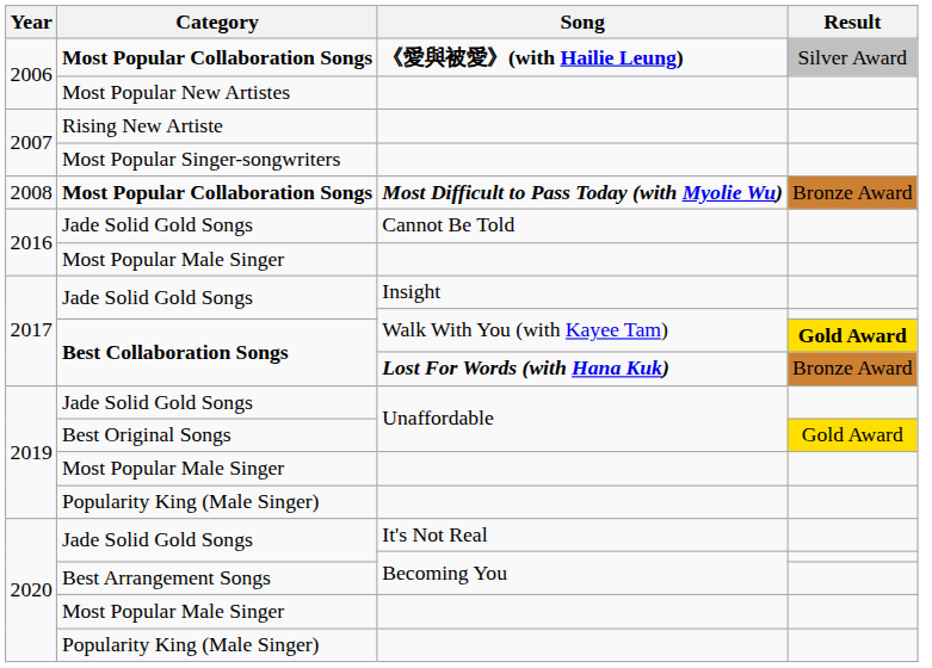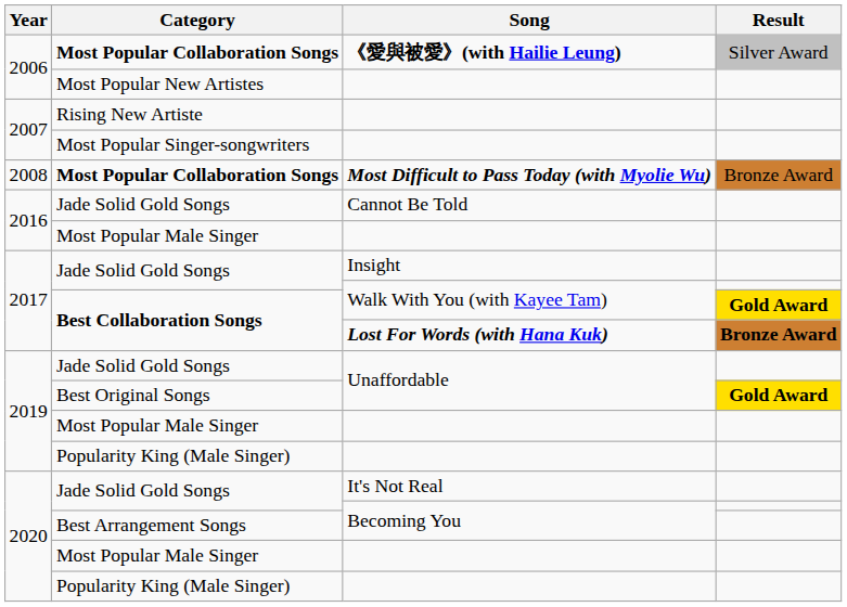 <table class="wikitable sortable">
 <tr>
 <th>Year</th>
 <th>Category</th>
 <th>Song</th>
 <th>Result</th>
 </tr>
 <tr>
 <td rowspan=2>2006</td>
 <td><strong> Most Popular Collaboration Songs </strong></td>
 <td><strong>《愛與被愛》(with <a href='#'>Hailie Leung</a>) </strong></td>
 <td style="text-align:center; background: #C0C0C0;">Silver Award</td>
 </tr>
 <tr>
 <td>Most Popular New Artistes</td>
 <td></td>
 <td></td>
 </tr>
 <tr>
 <td rowspan=2>2007</td>
 <td>Rising New Artiste</td>
 <td></td>
 <td></td>
 </tr>
 <tr>
 <td>Most Popular Singer-songwriters</td>
 <td></td>
 <td></td>
 </tr>
 <tr>
 <td>2008</td>
 <td><strong> Most Popular Collaboration Songs </strong></td>
 <td><strong><em>Most Difficult to Pass Today<em> (with <a href='#'>Myolie Wu</a>) <strong></td>
 <td style="text-align:center; background: #CD7F32;">Bronze Award</td>
 </tr>
 <tr>
 <td rowspan=2>2016</td>
 <td></strong> Jade Solid Gold Songs <strong></td>
 <td></em></strong>Cannot Be Told<strong><em></td>
 <td></td>
 </tr>
 <tr>
 <td>Most Popular Male Singer</td>
 <td></td>
 <td></td>
 </tr>
 <tr>
 <td rowspan=4>2017</td>
 <td rowspan=2>Jade Solid Gold Songs</td>
 <td></em>Insight<em></td>
 <td></td>
 </tr>
 <tr>
 <td rowspan=2></em></strong>Walk With You</em> (with <a href='#'>Kayee Tam</a>) </strong></td>
 <td></td>
 </tr>
 <tr>
 <td rowspan=2><strong> Best Collaboration Songs </strong></td>
 <td style="text-align:center; background:#FFDF00"><strong>Gold Award</strong></td>
 </tr>
 <tr>
 <td><strong><em>Lost For Words<em> (with <a href='#'>Hana Kuk</a>) <strong></td>
-<td style="text-align:center; background: #CD7F32;">Bronze Award</td>
+<td style="text-align:center; background: #CD7F32;"><strong>Bronze Award</strong></td>
 </tr>
 <tr>
 <td rowspan=4>2019</td>
 <td>Jade Solid Gold Songs</td>
 <td rowspan=2></em></strong>Unaffordable<strong><em></td>
 <td></td>
 </tr>
 <tr>
 <td></strong> Best Original Songs <strong></td>
-<td style="text-align:center; background:#FFDF00">Gold Award</td>
+<td style="text-align:center; background:#FFDF00"><strong>Gold Award</strong></td>
 </tr>
 <tr>
 <td>Most Popular Male Singer</td>
 <td></td>
 <td></td>
 </tr>
 <tr>
 <td></strong> Popularity King (Male Singer) <strong></td>
 <td></td>
 <td></td>
 </tr>
 <tr>
 <td rowspan=5>2020</td>
 <td rowspan=2>Jade Solid Gold Songs</td>
 <td></em>It's Not Real<em></td>
 <td></td>
 </tr>
 <tr>
 <td rowspan=2></em></strong>Becoming You<strong><em></td>
 <td></td>
 </tr>
 <tr>
 <td></strong> Best Arrangement Songs <strong></td>
 <td></td>
 </tr>
 <tr>
 <td>Most Popular Male Singer</td>
 <td></td>
 <td></td>
 </tr>
 <tr>
 <td></strong> Popularity King (Male Singer) <strong></td>
 <td></td>
 <td></td>
 </tr>
 </table>
